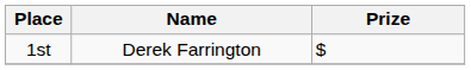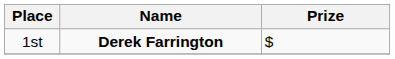 <table class="wikitable">
 <tr>
 <th width="50">Place</th>
 <th width="200">Name</th>
 <th width="125">Prize</th>
 </tr>
 <tr>
 <td align = "center">1st</td>
-<td align = "center">Derek Farrington</td>
+<td align = "center"><strong>Derek Farrington</strong></td>
 <td>$</td>
 </tr>
 <tr>
 </tr>
 </table>
